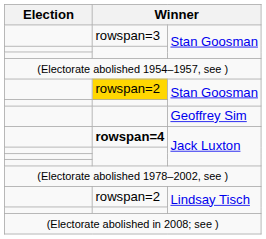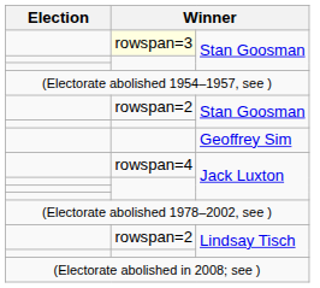 <table class=wikitable>
 <tr>
 <th width=100>Election</th>
 <th width=175 colspan=2>Winner</th>
 </tr>
 <tr>
 <td></td>
-<td>rowspan=3 </td>
+<td style="background: lightyellow;">rowspan=3 </td>
 <td rowspan=3><a href='#'>Stan Goosman</a></td>
 </tr>
 <tr>
 <td></td>
 </tr>
 <tr>
 <td></td>
 </tr>
 <tr>
 <td colspan=3 align=center><small>(Electorate abolished 1954–1957, see )</small></td>
 </tr>
 <tr>
 <td></td>
-<td style="background: gold;">rowspan=2 </td>
+<td>rowspan=2 </td>
 <td rowspan=2><a href='#'>Stan Goosman</a></td>
 </tr>
 <tr>
 <td></td>
 </tr>
 <tr>
 <td></td>
 <td></td>
 <td><a href='#'>Geoffrey Sim</a></td>
 </tr>
 <tr>
 <td></td>
-<td><strong>rowspan=4 </strong></td>
+<td>rowspan=4 </td>
 <td rowspan=4><a href='#'>Jack Luxton</a></td>
 </tr>
 <tr>
 <td></td>
 </tr>
 <tr>
 <td></td>
 </tr>
 <tr>
 <td></td>
 </tr>
 <tr>
 <td colspan=3 align=center><small>(Electorate abolished 1978–2002, see )</small></td>
 </tr>
 <tr>
 <td></td>
 <td>rowspan=2 </td>
 <td rowspan=2><a href='#'>Lindsay Tisch</a></td>
 </tr>
 <tr>
 <td></td>
 </tr>
 <tr>
 <td colspan=3 align=center><small>(Electorate abolished in 2008; see )</small></td>
 </tr>
 </table>
